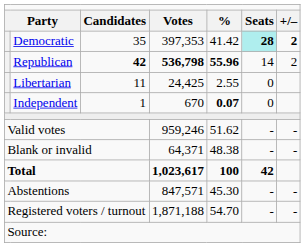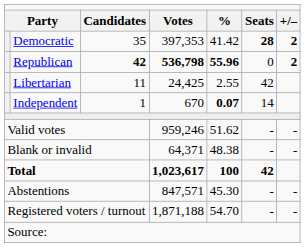 <table class="wikitable">
 <tr>
 <td colspan=15 align=center></td>
 </tr>
 <tr>
 <th colspan="2">Party</th>
 <th>Candidates</th>
 <th>Votes</th>
 <th>%</th>
 <th>Seats</th>
 <th>+/–</th>
 </tr>
 <tr>
 <th style="background-color:"></th>
 <td><a href='#'>Democratic</a></td>
 <td align="right">35</td>
 <td align="right">397,353</td>
 <td align="right">41.42</td>
-<td align="right" style="background: paleturquoise;"><strong>28</strong></td>
+<td align="right"><strong>28</strong></td>
 <td align="right"><strong>2</strong></td>
 </tr>
 <tr>
 <th style="background-color:"></th>
 <td><a href='#'>Republican</a></td>
 <td align="right"><strong>42</strong></td>
 <td align="right"><strong>536,798</strong></td>
 <td align="right"><strong>55.96</strong></td>
-<td align="right">14</td>
-<td align="right">2</td>
+<td align="right">0</td>
+<td align="right"><strong>2</strong></td>
 </tr>
 <tr>
 <th style="background-color:"></th>
 <td><a href='#'>Libertarian</a></td>
 <td align="right">11</td>
 <td align="right">24,425</td>
 <td align="right">2.55</td>
-<td align="right">0</td>
+<td align="right">42</td>
 <td align="right"></td>
 </tr>
 <tr>
 <th style="background-color:"></th>
 <td><a href='#'>Independent</a></td>
 <td align="right">1</td>
 <td align="right">670</td>
 <td align="right"><strong>0.07</strong></td>
-<td align="right">0</td>
+<td align="right">14</td>
 <td align="right"></td>
 </tr>
 <tr>
 <td colspan=10 bgcolor=#eeeeee></td>
 </tr>
 <tr>
 <td colspan="3" align="left">Valid votes</td>
 <td align="right">959,246</td>
 <td align="right">51.62</td>
 <td align="right">-</td>
 <td align="right">-</td>
 </tr>
 <tr>
 <td colspan="3" align="left">Blank or invalid</td>
 <td align="right">64,371</td>
 <td align="right">48.38</td>
 <td align="right">-</td>
 <td align="right">-</td>
 </tr>
 <tr style=font-weight:bold>
 <td colspan="3" align="left">Total</td>
 <td align="right">1,023,617</td>
 <td align="right">100</td>
 <td align="right">42</td>
 <td align="right"></td>
 </tr>
 <tr>
 <td colspan="3" align="left">Abstentions</td>
 <td align="right">847,571</td>
 <td align="right">45.30</td>
 <td align="right">-</td>
 <td align="right">-</td>
 </tr>
 <tr>
 <td colspan="3" align="left">Registered voters / turnout</td>
 <td align="right">1,871,188</td>
 <td align="right">54.70</td>
 <td align="right">-</td>
 <td align="right">-</td>
 </tr>
 <tr>
 <td colspan="10">Source: </td>
 </tr>
 </table>
